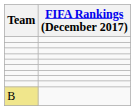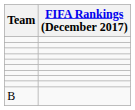 <table class="wikitable sortable" style="text-align: left;">
 <tr>
 <th>Team</th>
 <th><a href='#'>FIFA Rankings</a><br>(December 2017)</th>
 </tr>
 <tr>
 <td></td>
 <td></td>
 </tr>
 <tr>
 <td></td>
 <td></td>
 </tr>
 <tr>
 <td></td>
 <td></td>
 </tr>
 <tr>
 <td></td>
 <td></td>
 </tr>
 <tr>
 <td></td>
 <td></td>
 </tr>
 <tr>
 <td></td>
 <td></td>
 </tr>
 <tr>
 <td></td>
 <td></td>
 </tr>
 <tr>
 <td></td>
 <td></td>
 </tr>
 <tr>
 <td></td>
 <td></td>
 </tr>
 <tr>
-<td style="background: khaki;"> B</td>
+<td> B</td>
 <td></td>
 </tr>
 </table>
